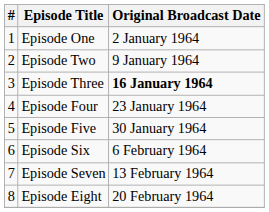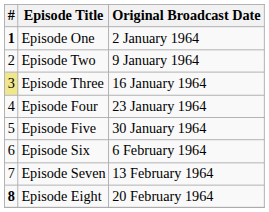 <table class="wikitable">
 <tr>
 <th>#</th>
 <th>Episode Title</th>
 <th>Original Broadcast Date</th>
 </tr>
 <tr>
-<td>1</td>
+<td><strong>1</strong></td>
 <td>Episode One</td>
 <td>2 January 1964</td>
 </tr>
 <tr>
 <td>2</td>
 <td>Episode Two</td>
 <td>9 January 1964</td>
 </tr>
 <tr>
-<td>3</td>
+<td style="background: khaki;">3</td>
 <td>Episode Three</td>
-<td><strong>16 January 1964</strong></td>
+<td>16 January 1964</td>
 </tr>
 <tr>
 <td>4</td>
 <td>Episode Four</td>
 <td>23 January 1964</td>
 </tr>
 <tr>
 <td>5</td>
 <td>Episode Five</td>
 <td>30 January 1964</td>
 </tr>
 <tr>
 <td>6</td>
 <td>Episode Six</td>
 <td>6 February 1964</td>
 </tr>
 <tr>
 <td>7</td>
 <td>Episode Seven</td>
 <td>13 February 1964</td>
 </tr>
 <tr>
-<td>8</td>
+<td><strong>8</strong></td>
 <td>Episode Eight</td>
 <td>20 February 1964</td>
 </tr>
 <tr>
 </tr>
 </table>
